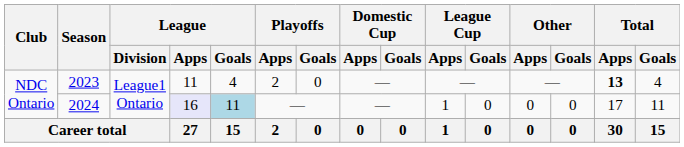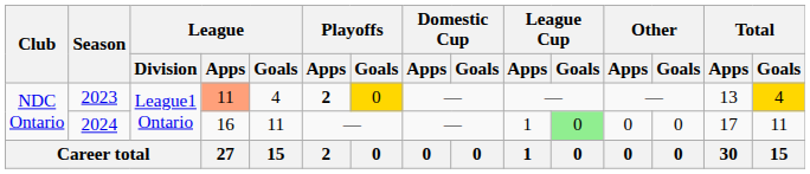 <table class="wikitable" style="text-align: center;">
 <tr>
 <th rowspan="2">Club</th>
 <th rowspan="2">Season</th>
 <th colspan="3">League</th>
 <th colspan="2">Playoffs</th>
 <th colspan="2">Domestic Cup</th>
 <th colspan="2">League Cup</th>
 <th colspan="2">Other</th>
 <th colspan="2">Total</th>
 </tr>
 <tr>
 <th>Division</th>
 <th>Apps</th>
 <th>Goals</th>
 <th>Apps</th>
 <th>Goals</th>
 <th>Apps</th>
 <th>Goals</th>
 <th>Apps</th>
 <th>Goals</th>
 <th>Apps</th>
 <th>Goals</th>
 <th>Apps</th>
 <th>Goals</th>
 </tr>
 <tr>
 <td rowspan=2><a href='#'>NDC Ontario</a></td>
 <td><a href='#'>2023</a></td>
 <td rowspan=2><a href='#'>League1 Ontario</a></td>
-<td>11</td>
+<td style="background: lightsalmon;">11</td>
 <td>4</td>
-<td>2</td>
-<td>0</td>
+<td><strong>2</strong></td>
+<td style="background: gold;">0</td>
 <td colspan="2">—</td>
 <td colspan="2">—</td>
 <td colspan="2">—</td>
-<td><strong>13</strong></td>
-<td>4</td>
+<td>13</td>
+<td style="background: gold;">4</td>
 </tr>
 <tr>
 <td><a href='#'>2024</a></td>
-<td style="background: lavender;">16</td>
-<td style="background: lightblue;">11</td>
+<td>16</td>
+<td>11</td>
 <td colspan="2">—</td>
 <td colspan="2">—</td>
 <td>1</td>
-<td>0</td>
+<td style="background: lightgreen;">0</td>
 <td>0</td>
 <td>0</td>
 <td>17</td>
 <td>11</td>
 </tr>
 <tr>
 <th colspan="3">Career total</th>
 <th>27</th>
 <th>15</th>
 <th>2</th>
 <th>0</th>
 <th>0</th>
 <th>0</th>
 <th>1</th>
 <th>0</th>
 <th>0</th>
 <th>0</th>
 <th>30</th>
 <th>15</th>
 </tr>
 </table>
